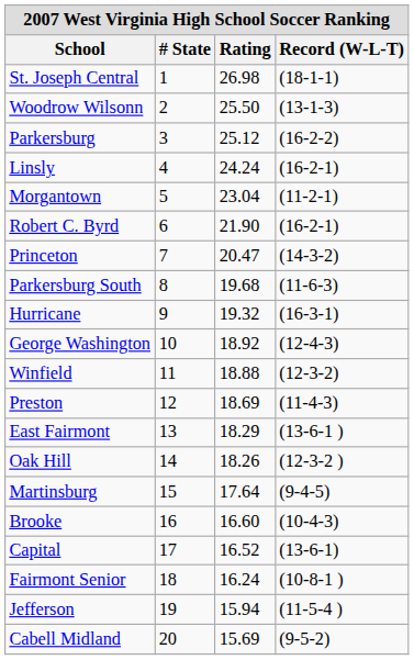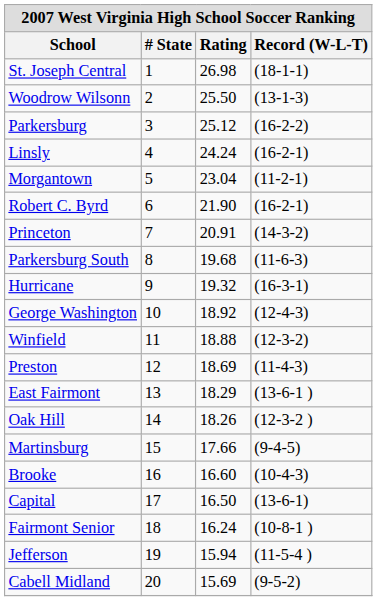 <table class="wikitable" style="white-space:nowrap; font-size:90%;">
 <tr>
 <td colspan="10" style="text-align:center; background:#DDDDDD; font:#000000"><strong>2007 West Virginia High School Soccer Ranking</strong></td>
 </tr>
 <tr bgcolor="#efefef">
 <th>School</th>
 <th># State</th>
 <th>Rating</th>
 <th>Record (W-L-T)</th>
 </tr>
 <tr>
 <td><a href='#'>St. Joseph Central</a></td>
 <td>1</td>
 <td>26.98</td>
 <td>(18-1-1)</td>
 </tr>
 <tr>
 <td><a href='#'>Woodrow Wilsonn</a></td>
 <td>2</td>
 <td>25.50</td>
 <td>(13-1-3)</td>
 </tr>
 <tr>
 <td><a href='#'>Parkersburg</a></td>
 <td>3</td>
 <td>25.12</td>
 <td>(16-2-2)</td>
 </tr>
 <tr>
 <td><a href='#'>Linsly</a></td>
 <td>4</td>
 <td>24.24</td>
 <td>(16-2-1)</td>
 </tr>
 <tr>
 <td><a href='#'>Morgantown</a></td>
 <td>5</td>
 <td>23.04</td>
 <td>(11-2-1)</td>
 </tr>
 <tr>
 <td><a href='#'>Robert C. Byrd</a></td>
 <td>6</td>
 <td>21.90</td>
 <td>(16-2-1)</td>
 </tr>
 <tr>
 <td><a href='#'>Princeton</a></td>
 <td>7</td>
-<td>20.47</td>
+<td>20.91</td>
 <td>(14-3-2)</td>
 </tr>
 <tr>
 <td><a href='#'>Parkersburg South</a></td>
 <td>8</td>
 <td>19.68</td>
 <td>(11-6-3)</td>
 </tr>
 <tr>
 <td><a href='#'>Hurricane</a></td>
 <td>9</td>
 <td>19.32</td>
 <td>(16-3-1)</td>
 </tr>
 <tr>
 <td><a href='#'>George Washington</a></td>
 <td>10</td>
 <td>18.92</td>
 <td>(12-4-3)</td>
 </tr>
 <tr>
 <td><a href='#'>Winfield</a></td>
 <td>11</td>
 <td>18.88</td>
 <td>(12-3-2)</td>
 </tr>
 <tr>
 <td><a href='#'>Preston</a></td>
 <td>12</td>
 <td>18.69</td>
 <td>(11-4-3)</td>
 </tr>
 <tr>
 <td><a href='#'>East Fairmont</a></td>
 <td>13</td>
 <td>18.29</td>
 <td>(13-6-1 )</td>
 </tr>
 <tr>
 <td><a href='#'>Oak Hill</a></td>
 <td>14</td>
 <td>18.26</td>
 <td>(12-3-2 )</td>
 </tr>
 <tr>
 <td><a href='#'>Martinsburg</a></td>
 <td>15</td>
-<td>17.64</td>
+<td>17.66</td>
 <td>(9-4-5)</td>
 </tr>
 <tr>
 <td><a href='#'>Brooke</a></td>
 <td>16</td>
 <td>16.60</td>
 <td>(10-4-3)</td>
 </tr>
 <tr>
 <td><a href='#'>Capital</a></td>
 <td>17</td>
-<td>16.52</td>
+<td>16.50</td>
 <td>(13-6-1)</td>
 </tr>
 <tr>
 <td><a href='#'>Fairmont Senior</a></td>
 <td>18</td>
 <td>16.24</td>
 <td>(10-8-1 )</td>
 </tr>
 <tr>
 <td><a href='#'>Jefferson</a></td>
 <td>19</td>
 <td>15.94</td>
 <td>(11-5-4 )</td>
 </tr>
 <tr>
 <td><a href='#'>Cabell Midland</a></td>
 <td>20</td>
 <td>15.69</td>
 <td>(9-5-2)</td>
 </tr>
 <tr>
 </tr>
 </table>
